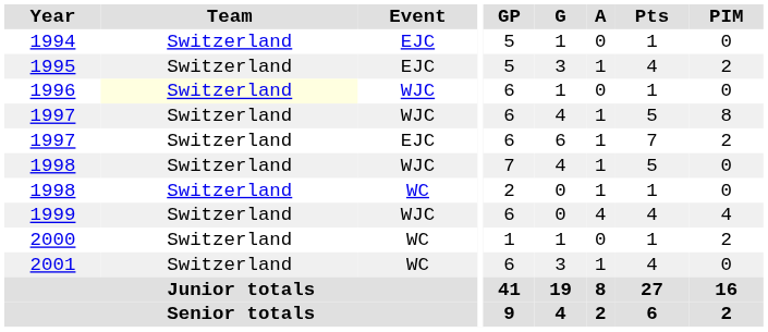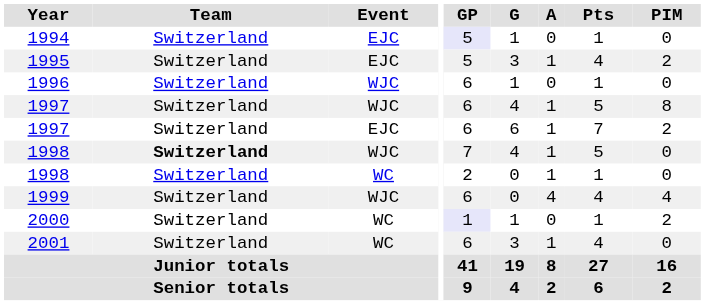 <table border="0" cellpadding="1" cellspacing="0" ID="Table3" style="text-align:center; width:40em">
 <tr bgcolor="#e0e0e0">
 <th>Year</th>
 <th>Team</th>
 <th>Event</th>
 <th rowspan="102" bgcolor="#ffffff"></th>
 <th>GP</th>
 <th>G</th>
 <th>A</th>
 <th>Pts</th>
 <th>PIM</th>
 </tr>
 <tr>
 <td><a href='#'>1994</a></td>
 <td><a href='#'>Switzerland</a></td>
 <td><a href='#'>EJC</a></td>
-<td>5</td>
+<td style="background: lavender;">5</td>
 <td>1</td>
 <td>0</td>
 <td>1</td>
 <td>0</td>
 </tr>
 <tr bgcolor="#f0f0f0">
 <td><a href='#'>1995</a></td>
 <td>Switzerland</td>
 <td>EJC</td>
 <td>5</td>
 <td>3</td>
 <td>1</td>
 <td>4</td>
 <td>2</td>
 </tr>
 <tr>
 <td><a href='#'>1996</a></td>
-<td style="background: lightyellow;"><a href='#'>Switzerland</a></td>
+<td><a href='#'>Switzerland</a></td>
 <td><a href='#'>WJC</a></td>
 <td>6</td>
 <td>1</td>
 <td>0</td>
 <td>1</td>
 <td>0</td>
 </tr>
 <tr bgcolor="#f0f0f0">
 <td><a href='#'>1997</a></td>
 <td>Switzerland</td>
 <td>WJC</td>
 <td>6</td>
 <td>4</td>
 <td>1</td>
 <td>5</td>
 <td>8</td>
 </tr>
 <tr>
 <td><a href='#'>1997</a></td>
 <td>Switzerland</td>
 <td>EJC</td>
 <td>6</td>
 <td>6</td>
 <td>1</td>
 <td>7</td>
 <td>2</td>
 </tr>
 <tr bgcolor="#f0f0f0">
 <td><a href='#'>1998</a></td>
-<td>Switzerland</td>
+<td><strong>Switzerland</strong></td>
 <td>WJC</td>
 <td>7</td>
 <td>4</td>
 <td>1</td>
 <td>5</td>
 <td>0</td>
 </tr>
 <tr>
 <td><a href='#'>1998</a></td>
 <td><a href='#'>Switzerland</a></td>
 <td><a href='#'>WC</a></td>
 <td>2</td>
 <td>0</td>
 <td>1</td>
 <td>1</td>
 <td>0</td>
 </tr>
 <tr bgcolor="#f0f0f0">
 <td><a href='#'>1999</a></td>
 <td>Switzerland</td>
 <td>WJC</td>
 <td>6</td>
 <td>0</td>
 <td>4</td>
 <td>4</td>
 <td>4</td>
 </tr>
 <tr>
 <td><a href='#'>2000</a></td>
 <td>Switzerland</td>
 <td>WC</td>
-<td>1</td>
+<td style="background: lavender;">1</td>
 <td>1</td>
 <td>0</td>
 <td>1</td>
 <td>2</td>
 </tr>
 <tr bgcolor="#f0f0f0">
 <td><a href='#'>2001</a></td>
 <td>Switzerland</td>
 <td>WC</td>
 <td>6</td>
 <td>3</td>
 <td>1</td>
 <td>4</td>
 <td>0</td>
 </tr>
 <tr bgcolor="#e0e0e0">
 <th colspan=3>Junior totals</th>
 <th>41</th>
 <th>19</th>
 <th>8</th>
 <th>27</th>
 <th>16</th>
 </tr>
 <tr bgcolor="#e0e0e0">
 <th colspan=3>Senior totals</th>
 <th>9</th>
 <th>4</th>
 <th>2</th>
 <th>6</th>
 <th>2</th>
 </tr>
 </table>
